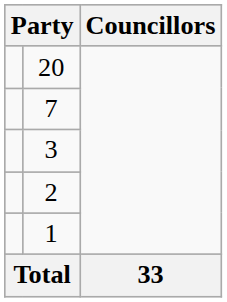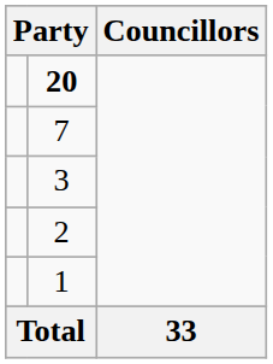 <table class="wikitable">
 <tr>
 <th colspan=2>Party</th>
 <th>Councillors</th>
 </tr>
 <tr>
 <td></td>
-<td align=center>20</td>
+<td align=center><strong>20</strong></td>
 </tr>
 <tr>
 <td></td>
 <td align=center>7</td>
 </tr>
 <tr>
 <td></td>
 <td align=center>3</td>
 </tr>
 <tr>
 <td></td>
 <td align=center>2</td>
 </tr>
 <tr>
 <td></td>
 <td align=center>1</td>
 </tr>
 <tr>
 <th colspan=2>Total</th>
 <th align=center>33</th>
 </tr>
 </table>
